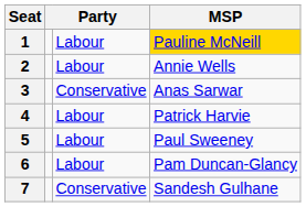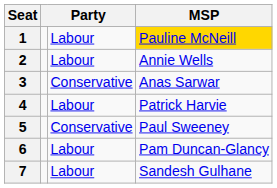 <table class="wikitable sortable">
 <tr>
 <th>Seat</th>
 <th colspan=2>Party</th>
 <th>MSP</th>
 </tr>
 <tr>
 <th>1</th>
 <td style="color:inherit;background:"></td>
 <td><a href='#'>Labour</a></td>
 <td style="background: gold;"><a href='#'>Pauline McNeill</a></td>
 </tr>
 <tr>
 <th>2</th>
 <td style="color:inherit;background:"></td>
 <td><a href='#'>Labour</a></td>
 <td><a href='#'>Annie Wells</a></td>
 </tr>
 <tr>
 <th>3</th>
 <td style="color:inherit;background:"></td>
 <td><a href='#'>Conservative</a></td>
 <td><a href='#'>Anas Sarwar</a></td>
 </tr>
 <tr>
 <th>4</th>
 <td style="color:inherit;background:"></td>
 <td><a href='#'>Labour</a></td>
 <td><a href='#'>Patrick Harvie</a></td>
 </tr>
 <tr>
 <th>5</th>
 <td style="color:inherit;background:"></td>
-<td><a href='#'>Labour</a></td>
+<td><a href='#'>Conservative</a></td>
 <td><a href='#'>Paul Sweeney</a></td>
 </tr>
 <tr>
 <th>6</th>
 <td style="color:inherit;background:"></td>
 <td><a href='#'>Labour</a></td>
 <td><a href='#'>Pam Duncan-Glancy</a></td>
 </tr>
 <tr>
 <th>7</th>
 <td style="color:inherit;background:"></td>
-<td><a href='#'>Conservative</a></td>
+<td><a href='#'>Labour</a></td>
 <td><a href='#'>Sandesh Gulhane</a></td>
 </tr>
 </table>
